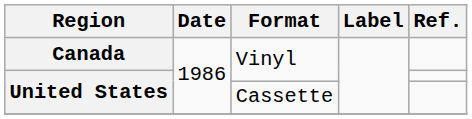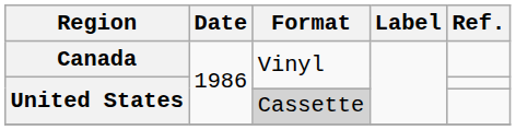 <table class="wikitable plainrowheaders">
 <tr>
 <th scope="col">Region</th>
 <th scope="col">Date</th>
 <th scope="col">Format</th>
 <th scope="col">Label</th>
 <th scope="col">Ref.</th>
 </tr>
 <tr>
 <th scope="row">Canada</th>
 <td rowspan="3">1986</td>
 <td rowspan="2">Vinyl</td>
 <td rowspan="3"></td>
 <td></td>
 </tr>
 <tr>
 <th scope="row" rowspan="2">United States</th>
 <td></td>
 </tr>
 <tr>
-<td>Cassette</td>
+<td style="background: lightgrey;">Cassette</td>
 <td></td>
 </tr>
 <tr>
 </tr>
 </table>
